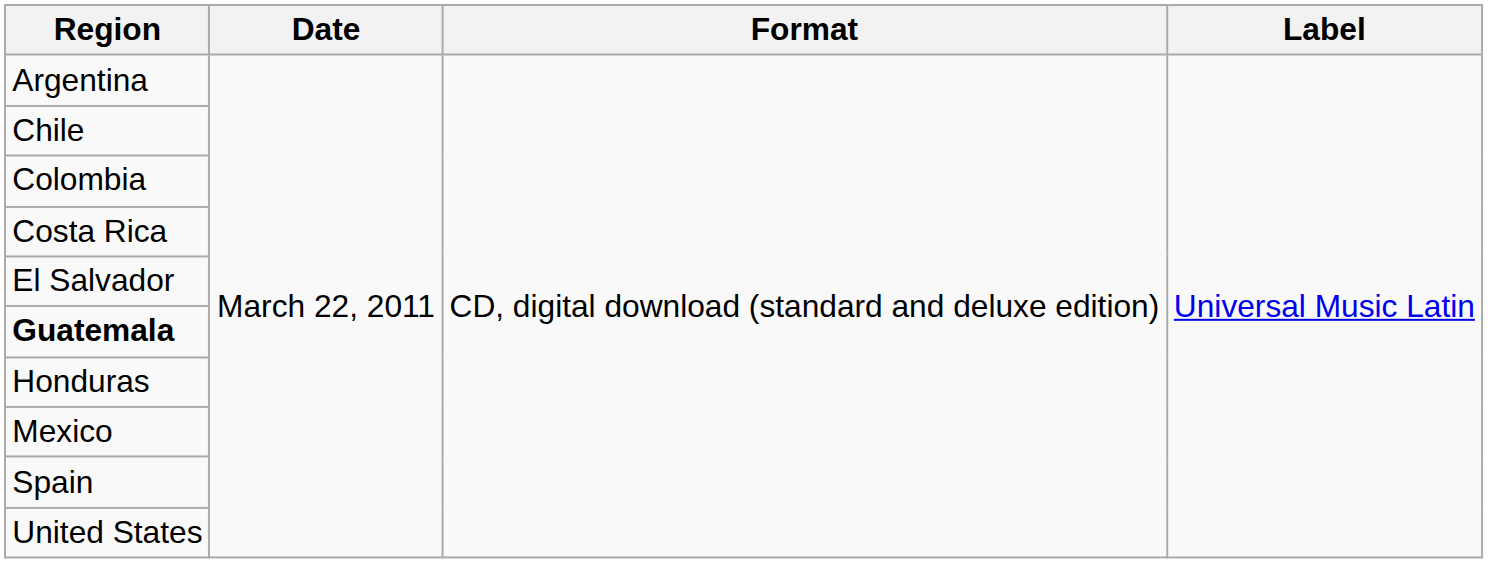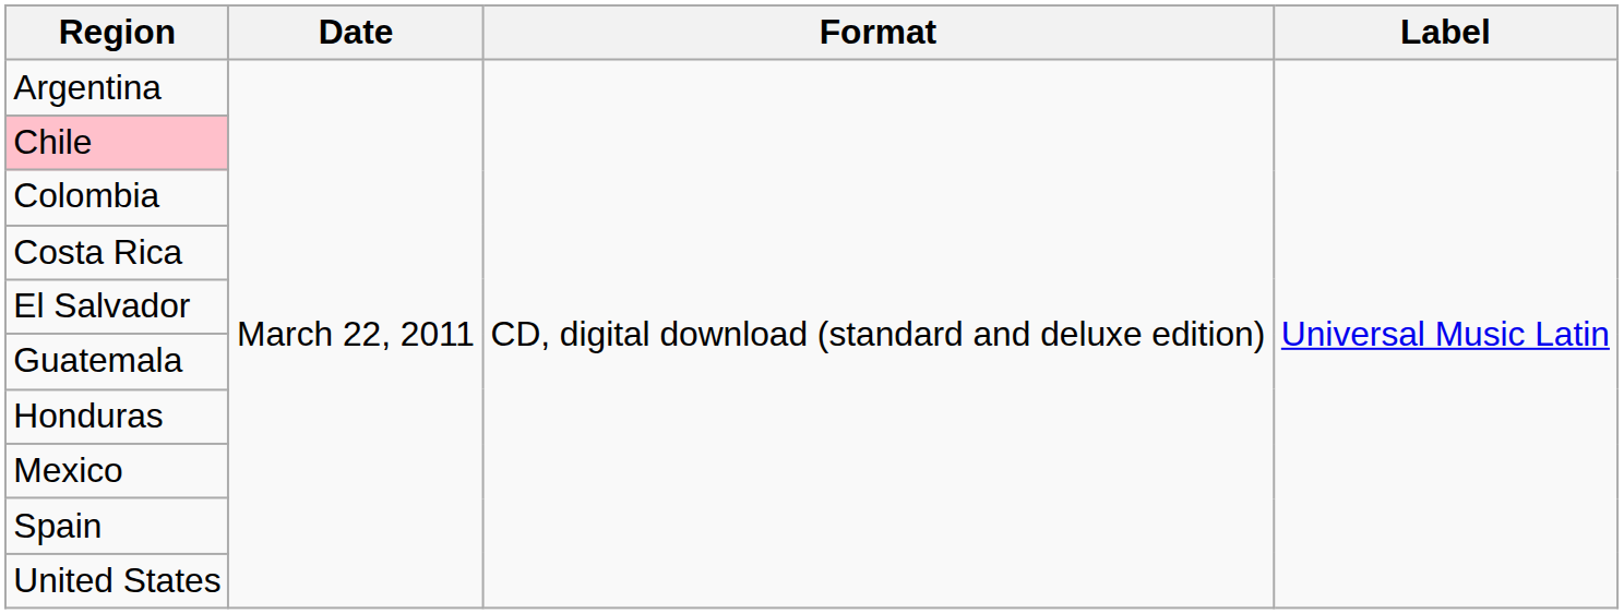 <table class="wikitable">
 <tr>
 <th>Region</th>
 <th>Date</th>
 <th>Format</th>
 <th>Label</th>
 </tr>
 <tr>
 <td>Argentina</td>
 <td rowspan="10">March 22, 2011</td>
 <td rowspan="10">CD, digital download (standard and deluxe edition)</td>
 <td rowspan="10"><a href='#'>Universal Music Latin</a></td>
 </tr>
 <tr>
-<td>Chile</td>
+<td style="background: pink;">Chile</td>
 </tr>
 <tr>
 <td>Colombia</td>
 </tr>
 <tr>
 <td>Costa Rica</td>
 </tr>
 <tr>
 <td>El Salvador</td>
 </tr>
 <tr>
-<td><strong>Guatemala</strong></td>
+<td>Guatemala</td>
 </tr>
 <tr>
 <td>Honduras</td>
 </tr>
 <tr>
 <td>Mexico</td>
 </tr>
 <tr>
 <td>Spain</td>
 </tr>
 <tr>
 <td>United States</td>
 </tr>
 </table>
